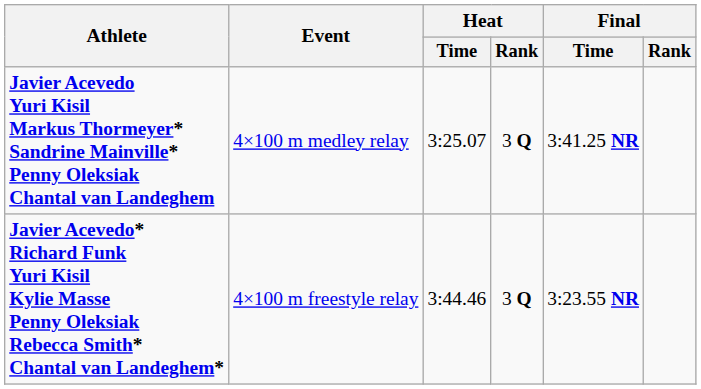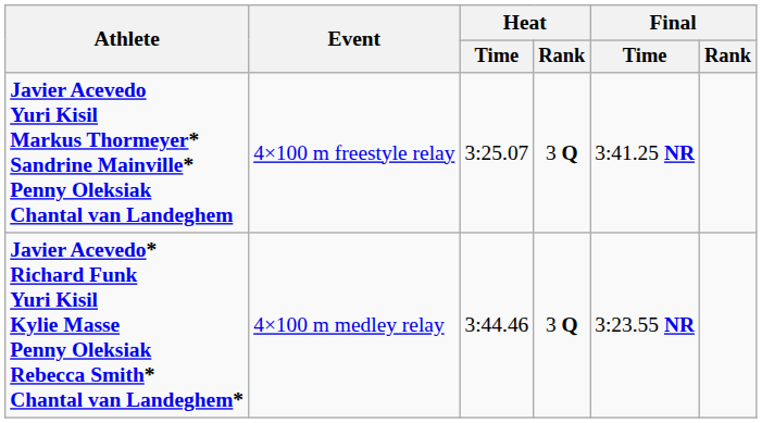 <table class=wikitable style="font-size:90%">
 <tr>
 <th rowspan="2">Athlete</th>
 <th rowspan="2">Event</th>
 <th colspan="2">Heat</th>
 <th colspan="2">Final</th>
 </tr>
 <tr style="font-size:95%">
 <th>Time</th>
 <th>Rank</th>
 <th>Time</th>
 <th>Rank</th>
 </tr>
 <tr align=center>
 <td align=left><strong><a href='#'>Javier Acevedo</a><br><a href='#'>Yuri Kisil</a><br><a href='#'>Markus Thormeyer</a>*<br><a href='#'>Sandrine Mainville</a>*<br><a href='#'>Penny Oleksiak</a><br><a href='#'>Chantal van Landeghem</a></strong></td>
-<td align=left><a href='#'>4×100 m medley relay</a></td>
+<td align=left><a href='#'>4×100 m freestyle relay</a></td>
 <td>3:25.07</td>
 <td>3 <strong>Q</strong></td>
 <td>3:41.25 <strong><a href='#'>NR</a></strong></td>
 <td></td>
 </tr>
 <tr align=center>
 <td align=left><strong><a href='#'>Javier Acevedo</a>*<br><a href='#'>Richard Funk</a><br><a href='#'>Yuri Kisil</a><br><a href='#'>Kylie Masse</a><br><a href='#'>Penny Oleksiak</a><br><a href='#'>Rebecca Smith</a>*<br><a href='#'>Chantal van Landeghem</a>*</strong></td>
-<td align=left><a href='#'>4×100 m freestyle relay</a></td>
+<td align=left><a href='#'>4×100 m medley relay</a></td>
 <td>3:44.46</td>
 <td>3 <strong>Q</strong></td>
 <td>3:23.55 <strong><a href='#'>NR</a></strong></td>
 <td></td>
 </tr>
 </table>
